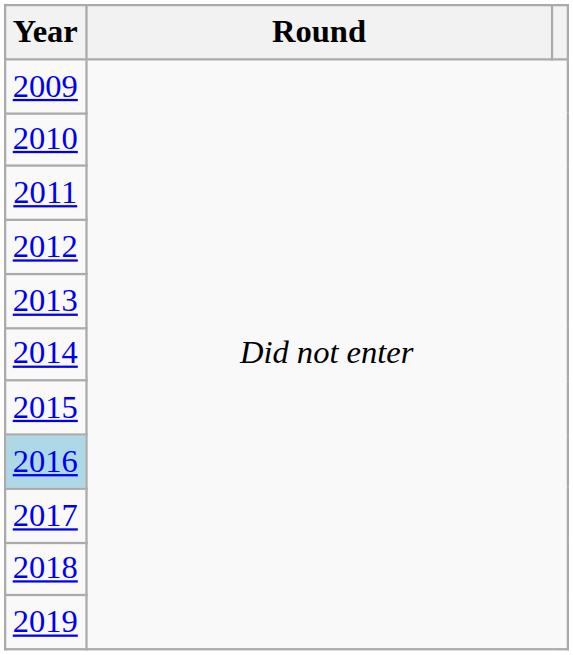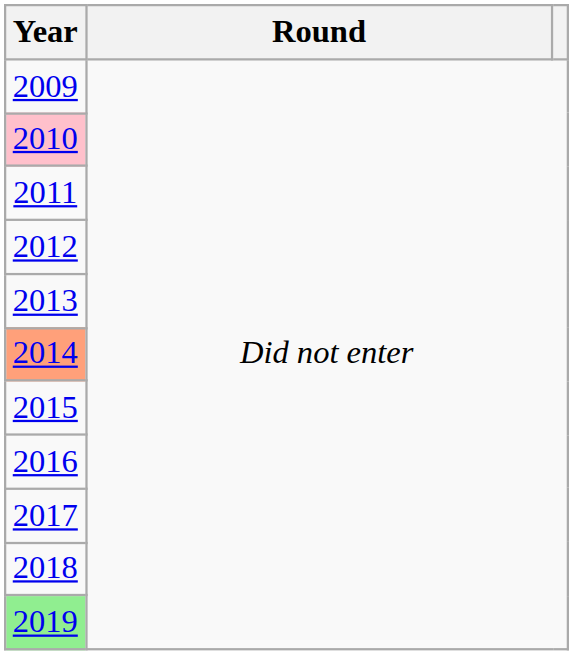 <table class="wikitable" style="text-align: center; font-size:90%">
 <tr>
 <th>Year</th>
 <th style="width:200px">Round</th>
 <th></th>
 </tr>
 <tr>
 <td><a href='#'>2009</a></td>
 <td colspan="2" rowspan="11"><em>Did not enter</em></td>
 </tr>
 <tr>
-<td><a href='#'>2010</a></td>
+<td style="background: pink;"><a href='#'>2010</a></td>
 </tr>
 <tr>
 <td><a href='#'>2011</a></td>
 </tr>
 <tr>
 <td><a href='#'>2012</a></td>
 </tr>
 <tr>
 <td><a href='#'>2013</a></td>
 </tr>
 <tr>
-<td><a href='#'>2014</a></td>
+<td style="background: lightsalmon;"><a href='#'>2014</a></td>
 </tr>
 <tr>
 <td><a href='#'>2015</a></td>
 </tr>
 <tr>
-<td style="background: lightblue;"><a href='#'>2016</a></td>
+<td><a href='#'>2016</a></td>
 </tr>
 <tr>
 <td><a href='#'>2017</a></td>
 </tr>
 <tr>
 <td><a href='#'>2018</a></td>
 </tr>
 <tr>
-<td><a href='#'>2019</a></td>
+<td style="background: lightgreen;"><a href='#'>2019</a></td>
 </tr>
 </table>
